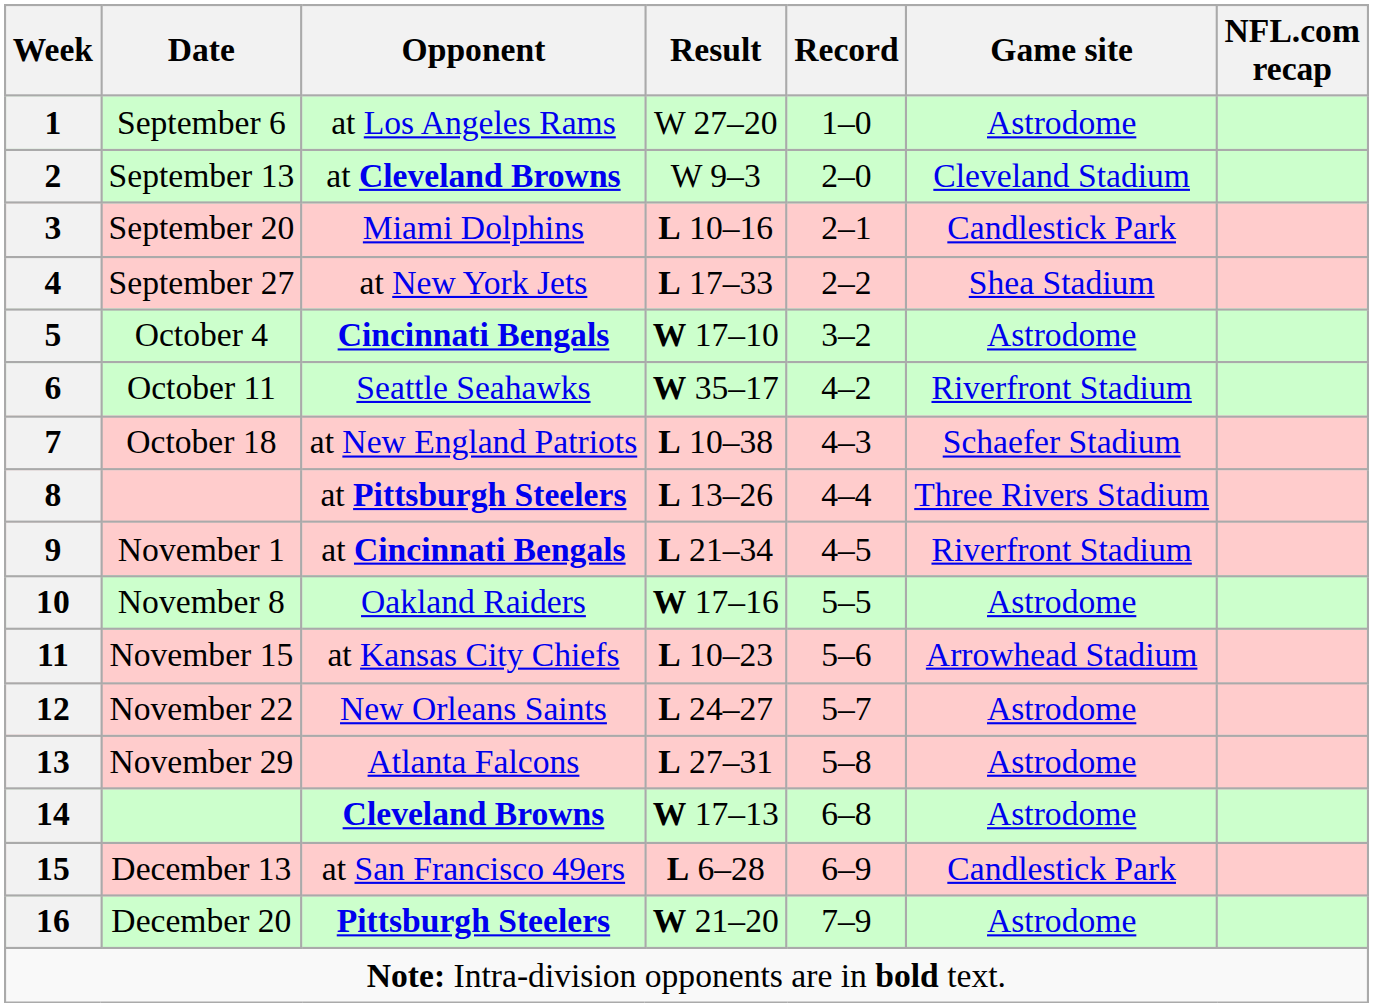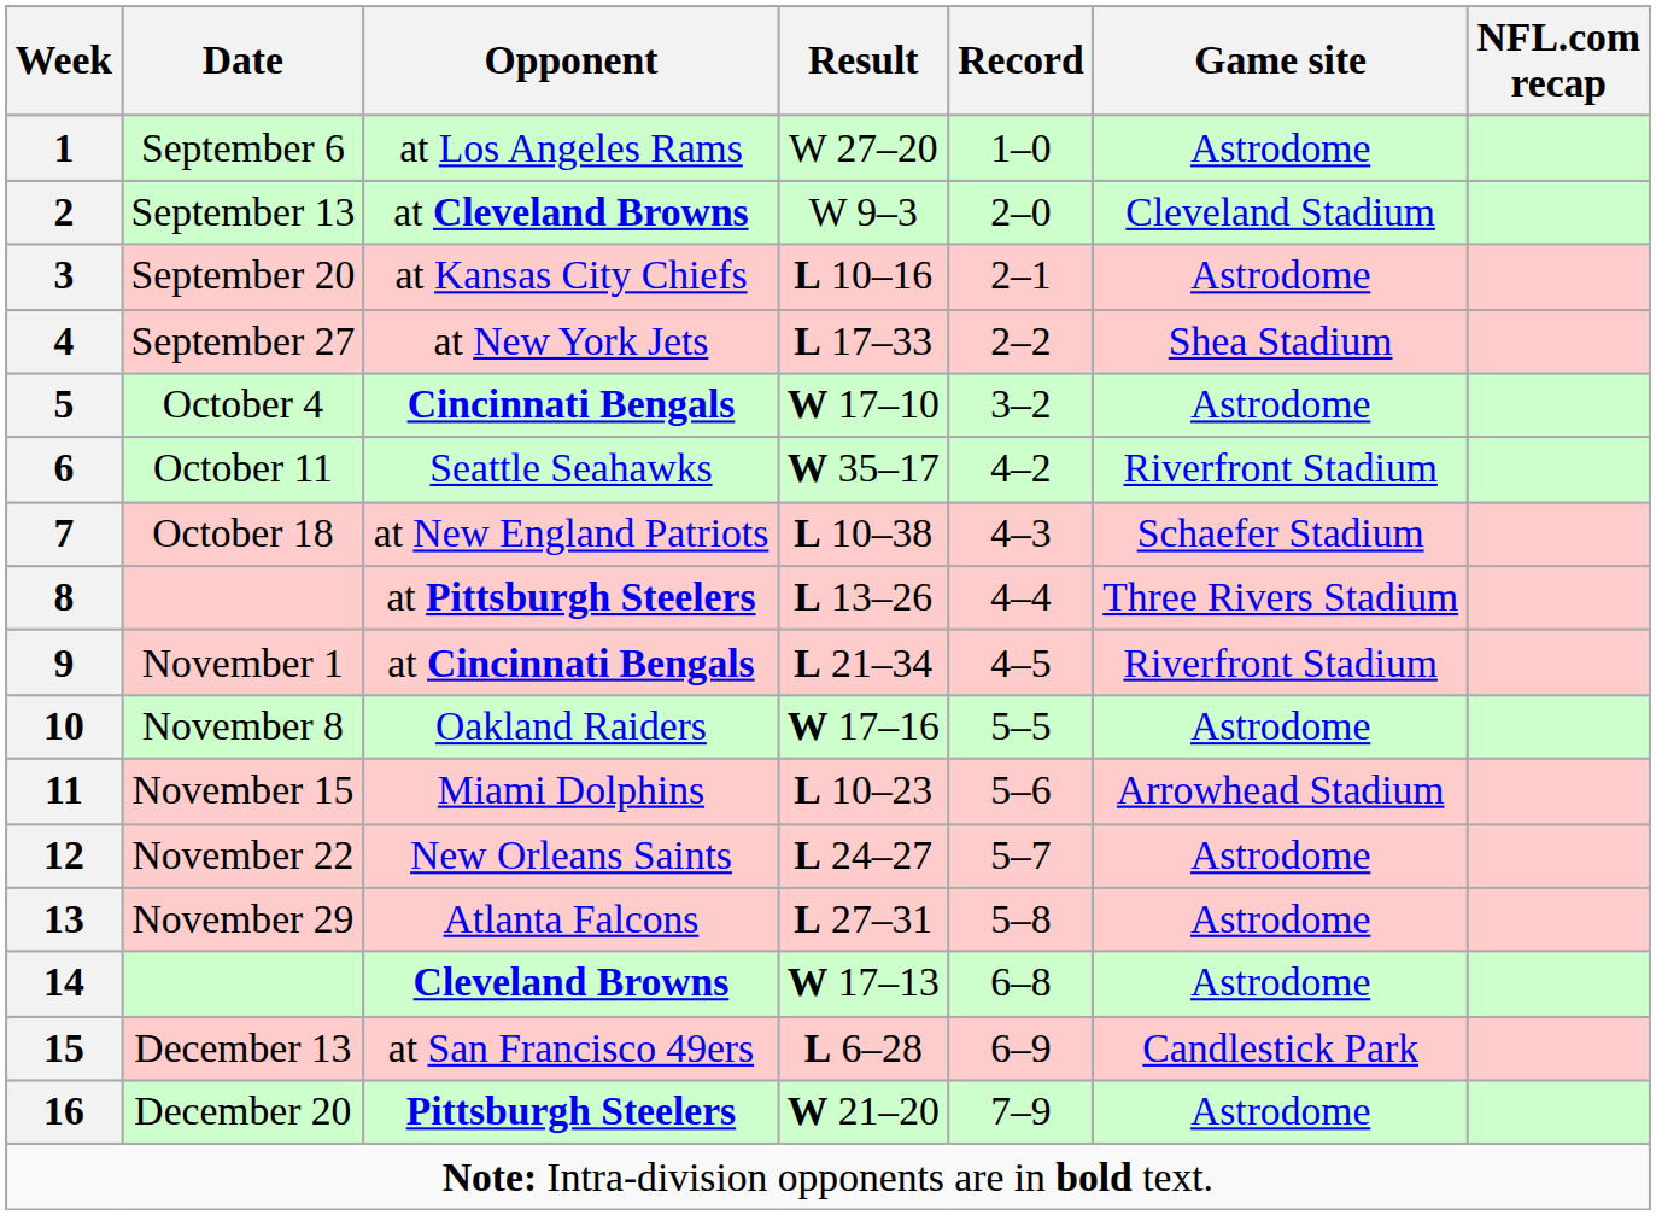 <table class="wikitable" style="text-align:center">
 <tr>
 <th>Week</th>
 <th>Date</th>
 <th>Opponent</th>
 <th>Result</th>
 <th>Record</th>
 <th>Game site</th>
 <th>NFL.com<br>recap</th>
 </tr>
 <tr style="background: #cfc;">
 <th>1</th>
 <td>September 6</td>
 <td>at <a href='#'>Los Angeles Rams</a></td>
 <td>W 27–20</td>
 <td>1–0</td>
 <td><a href='#'>Astrodome</a></td>
 <td></td>
 </tr>
 <tr style="background: #cfc;">
 <th>2</th>
 <td>September 13</td>
 <td>at <strong><a href='#'>Cleveland Browns</a></strong></td>
 <td>W 9–3</td>
 <td>2–0</td>
 <td><a href='#'>Cleveland Stadium</a></td>
 <td></td>
 </tr>
 <tr style="background: #fcc;">
 <th>3</th>
 <td>September 20</td>
-<td><a href='#'>Miami Dolphins</a></td>
+<td>at <a href='#'>Kansas City Chiefs</a></td>
 <td><strong>L</strong> 10–16</td>
 <td>2–1</td>
-<td><a href='#'>Candlestick Park</a></td>
+<td><a href='#'>Astrodome</a></td>
 <td></td>
 </tr>
 <tr style="background: #fcc;">
 <th>4</th>
 <td>September 27</td>
 <td>at <a href='#'>New York Jets</a></td>
 <td><strong>L</strong> 17–33</td>
 <td>2–2</td>
 <td><a href='#'>Shea Stadium</a></td>
 <td></td>
 </tr>
 <tr style="background: #cfc;">
 <th>5</th>
 <td>October 4</td>
 <td><strong><a href='#'>Cincinnati Bengals</a></strong></td>
 <td><strong>W</strong> 17–10</td>
 <td>3–2</td>
 <td><a href='#'>Astrodome</a></td>
 <td></td>
 </tr>
 <tr style="background: #cfc;">
 <th>6</th>
 <td>October 11</td>
 <td><a href='#'>Seattle Seahawks</a></td>
 <td><strong>W</strong> 35–17</td>
 <td>4–2</td>
 <td><a href='#'>Riverfront Stadium</a></td>
 <td></td>
 </tr>
 <tr style="background: #fcc;">
 <th>7</th>
 <td>October 18</td>
 <td>at <a href='#'>New England Patriots</a></td>
 <td><strong>L</strong> 10–38</td>
 <td>4–3</td>
 <td><a href='#'>Schaefer Stadium</a></td>
 <td></td>
 </tr>
 <tr style="background: #fcc;">
 <th>8</th>
 <td></td>
 <td>at <strong><a href='#'>Pittsburgh Steelers</a></strong></td>
 <td><strong>L</strong> 13–26</td>
 <td>4–4</td>
 <td><a href='#'>Three Rivers Stadium</a></td>
 <td></td>
 </tr>
 <tr style="background: #fcc;">
 <th>9</th>
 <td>November 1</td>
 <td>at <strong><a href='#'>Cincinnati Bengals</a></strong></td>
 <td><strong>L</strong> 21–34</td>
 <td>4–5</td>
 <td><a href='#'>Riverfront Stadium</a></td>
 <td></td>
 </tr>
 <tr style="background: #cfc;">
 <th>10</th>
 <td>November 8</td>
 <td><a href='#'>Oakland Raiders</a></td>
 <td><strong>W</strong> 17–16</td>
 <td>5–5</td>
 <td><a href='#'>Astrodome</a></td>
 <td></td>
 </tr>
 <tr style="background: #fcc;">
 <th>11</th>
 <td>November 15</td>
-<td>at <a href='#'>Kansas City Chiefs</a></td>
+<td><a href='#'>Miami Dolphins</a></td>
 <td><strong>L</strong> 10–23</td>
 <td>5–6</td>
 <td><a href='#'>Arrowhead Stadium</a></td>
 <td></td>
 </tr>
 <tr style="background: #fcc;">
 <th>12</th>
 <td>November 22</td>
 <td><a href='#'>New Orleans Saints</a></td>
 <td><strong>L</strong> 24–27</td>
 <td>5–7</td>
 <td><a href='#'>Astrodome</a></td>
 <td></td>
 </tr>
 <tr style="background: #fcc;">
 <th>13</th>
 <td>November 29</td>
 <td><a href='#'>Atlanta Falcons</a></td>
 <td><strong>L</strong>  27–31</td>
 <td>5–8</td>
 <td><a href='#'>Astrodome</a></td>
 <td></td>
 </tr>
 <tr style="background: #cfc;">
 <th>14</th>
 <td></td>
 <td><strong><a href='#'>Cleveland Browns</a></strong></td>
 <td><strong>W</strong> 17–13</td>
 <td>6–8</td>
 <td><a href='#'>Astrodome</a></td>
 <td></td>
 </tr>
 <tr style="background: #fcc;">
 <th>15</th>
 <td>December 13</td>
 <td>at <a href='#'>San Francisco 49ers</a></td>
 <td><strong>L</strong> 6–28</td>
 <td>6–9</td>
 <td><a href='#'>Candlestick Park</a></td>
 <td></td>
 </tr>
 <tr style="background: #cfc;">
 <th>16</th>
 <td>December 20</td>
 <td><strong><a href='#'>Pittsburgh Steelers</a></strong></td>
 <td><strong>W</strong> 21–20</td>
 <td>7–9</td>
 <td><a href='#'>Astrodome</a></td>
 <td></td>
 </tr>
 <tr>
 <td colspan="7"><strong>Note:</strong> Intra-division opponents are in <strong>bold</strong> text.</td>
 </tr>
 </table>
